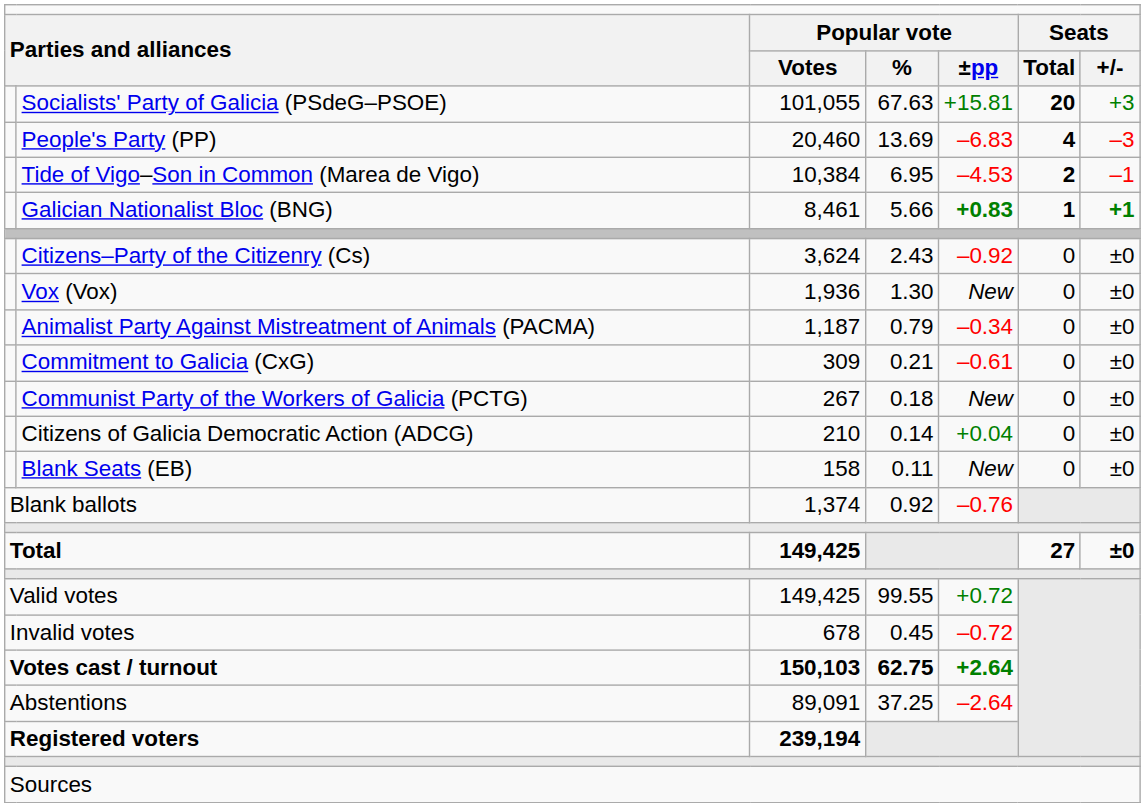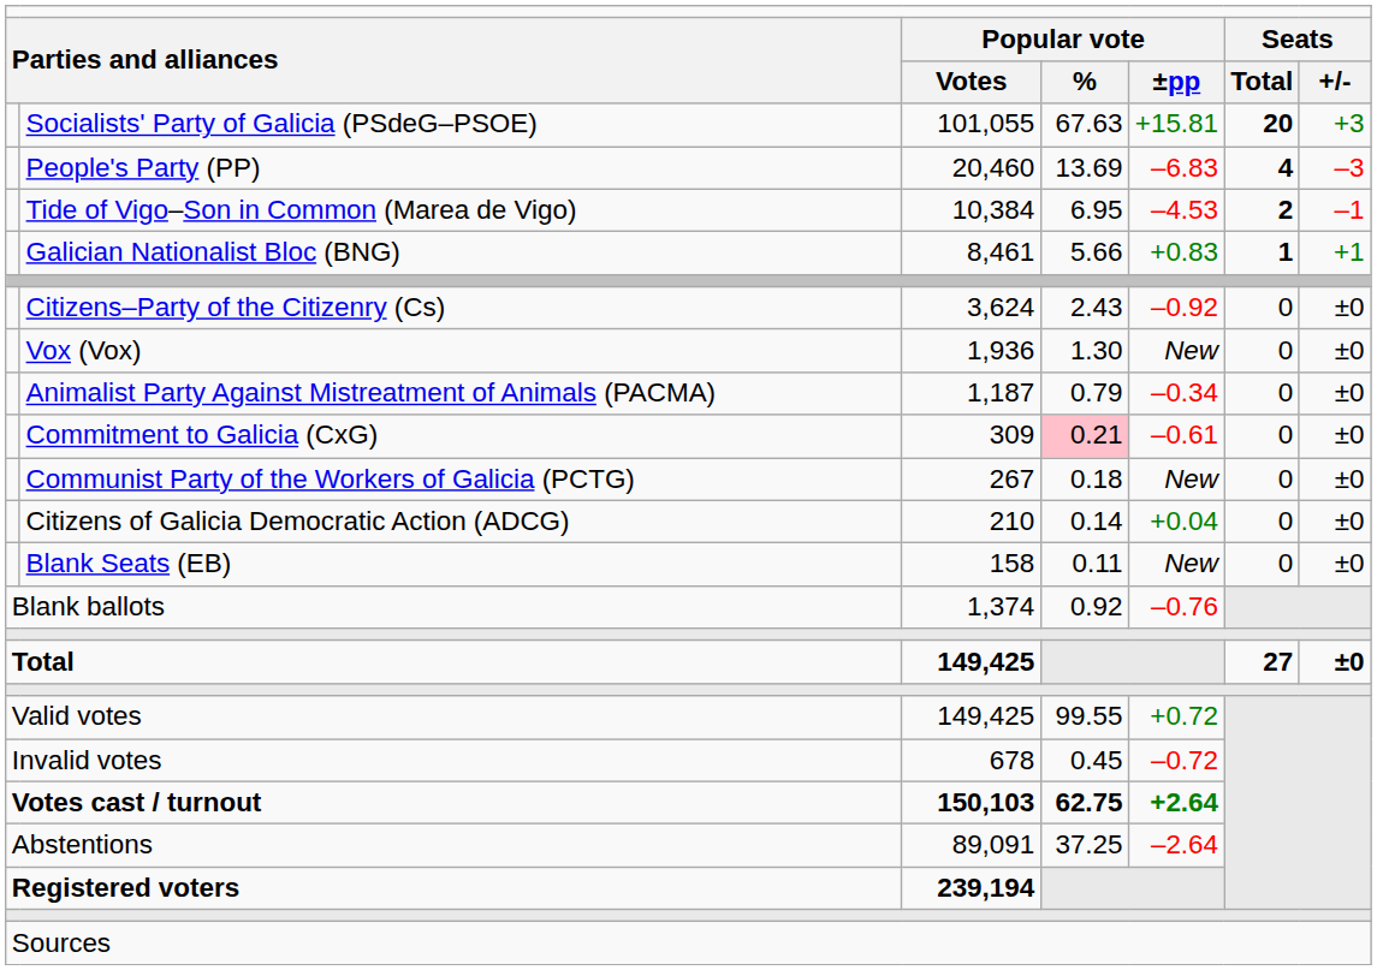 <table class="wikitable" style="text-align:right;">
 <tr>
 <td colspan="7"></td>
 </tr>
 <tr>
 <th style="text-align:left;" rowspan="2" colspan="2" width="525">Parties and alliances</th>
 <th colspan="3">Popular vote</th>
 <th colspan="2">Seats</th>
 </tr>
 <tr>
 <th width="75">Votes</th>
 <th width="45">%</th>
 <th width="45">±<a href='#'>pp</a></th>
 <th width="35">Total</th>
 <th width="35">+/-</th>
 </tr>
 <tr>
 <td width="1" style="color:inherit;background:"></td>
 <td align="left"><a href='#'>Socialists' Party of Galicia</a> (PSdeG–PSOE)</td>
 <td>101,055</td>
 <td>67.63</td>
 <td style="color:green;">+15.81</td>
 <td><strong>20</strong></td>
 <td style="color:green;">+3</td>
 </tr>
 <tr>
 <td style="color:inherit;background:"></td>
 <td align="left"><a href='#'>People's Party</a> (PP)</td>
 <td>20,460</td>
 <td>13.69</td>
 <td style="color:red;">–6.83</td>
 <td><strong>4</strong></td>
 <td style="color:red;">–3</td>
 </tr>
 <tr>
 <td style="color:inherit;background:"></td>
 <td align="left"><a href='#'>Tide of Vigo</a>–<a href='#'>Son in Common</a> (Marea de Vigo)</td>
 <td>10,384</td>
 <td>6.95</td>
 <td style="color:red;">–4.53</td>
 <td><strong>2</strong></td>
 <td style="color:red;">–1</td>
 </tr>
 <tr>
 <td style="color:inherit;background:"></td>
 <td align="left"><a href='#'>Galician Nationalist Bloc</a> (BNG)</td>
 <td>8,461</td>
 <td>5.66</td>
-<td style="color:green;"><strong>+0.83</strong></td>
+<td style="color:green;">+0.83</td>
 <td><strong>1</strong></td>
-<td style="color:green;"><strong>+1</strong></td>
+<td style="color:green;">+1</td>
 </tr>
 <tr>
 <td colspan="7" bgcolor="#C0C0C0"></td>
 </tr>
 <tr>
 <td style="color:inherit;background:"></td>
 <td align="left"><a href='#'>Citizens–Party of the Citizenry</a> (Cs)</td>
 <td>3,624</td>
 <td>2.43</td>
 <td style="color:red;">–0.92</td>
 <td>0</td>
 <td>±0</td>
 </tr>
 <tr>
 <td style="color:inherit;background:"></td>
 <td align="left"><a href='#'>Vox</a> (Vox)</td>
 <td>1,936</td>
 <td>1.30</td>
 <td><em>New</em></td>
 <td>0</td>
 <td>±0</td>
 </tr>
 <tr>
 <td style="color:inherit;background:"></td>
 <td align="left"><a href='#'>Animalist Party Against Mistreatment of Animals</a> (PACMA)</td>
 <td>1,187</td>
 <td>0.79</td>
 <td style="color:red;">–0.34</td>
 <td>0</td>
 <td>±0</td>
 </tr>
 <tr>
 <td style="color:inherit;background:"></td>
 <td align="left"><a href='#'>Commitment to Galicia</a> (CxG)</td>
 <td>309</td>
-<td>0.21</td>
+<td style="background: pink;">0.21</td>
 <td style="color:red;">–0.61</td>
 <td>0</td>
 <td>±0</td>
 </tr>
 <tr>
 <td style="color:inherit;background:"></td>
 <td align="left"><a href='#'>Communist Party of the Workers of Galicia</a> (PCTG)</td>
 <td>267</td>
 <td>0.18</td>
 <td><em>New</em></td>
 <td>0</td>
 <td>±0</td>
 </tr>
 <tr>
 <td style="color:inherit;background:"></td>
 <td align="left">Citizens of Galicia Democratic Action (ADCG)</td>
 <td>210</td>
 <td>0.14</td>
 <td style="color:green;">+0.04</td>
 <td>0</td>
 <td>±0</td>
 </tr>
 <tr>
 <td style="color:inherit;background:"></td>
 <td align="left"><a href='#'>Blank Seats</a> (EB)</td>
 <td>158</td>
 <td>0.11</td>
 <td><em>New</em></td>
 <td>0</td>
 <td>±0</td>
 </tr>
 <tr>
 <td align="left" colspan="2">Blank ballots</td>
 <td>1,374</td>
 <td>0.92</td>
 <td style="color:red;">–0.76</td>
 <td bgcolor="#E9E9E9" colspan="2"></td>
 </tr>
 <tr>
 <td colspan="7" bgcolor="#E9E9E9"></td>
 </tr>
 <tr style="font-weight:bold;">
 <td align="left" colspan="2">Total</td>
 <td>149,425</td>
 <td bgcolor="#E9E9E9" colspan="2"></td>
 <td>27</td>
 <td>±0</td>
 </tr>
 <tr>
 <td colspan="7" bgcolor="#E9E9E9"></td>
 </tr>
 <tr>
 <td align="left" colspan="2">Valid votes</td>
 <td>149,425</td>
 <td>99.55</td>
 <td style="color:green;">+0.72</td>
 <td bgcolor="#E9E9E9" colspan="2" rowspan="5"></td>
 </tr>
 <tr>
 <td align="left" colspan="2">Invalid votes</td>
 <td>678</td>
 <td>0.45</td>
 <td style="color:red;">–0.72</td>
 </tr>
 <tr style="font-weight:bold;">
 <td align="left" colspan="2">Votes cast / turnout</td>
 <td>150,103</td>
 <td>62.75</td>
 <td style="color:green;">+2.64</td>
 </tr>
 <tr>
 <td align="left" colspan="2">Abstentions</td>
 <td>89,091</td>
 <td>37.25</td>
 <td style="color:red;">–2.64</td>
 </tr>
 <tr style="font-weight:bold;">
 <td align="left" colspan="2">Registered voters</td>
 <td>239,194</td>
 <td bgcolor="#E9E9E9" colspan="2"></td>
 </tr>
 <tr>
 <td colspan="7" bgcolor="#E9E9E9"></td>
 </tr>
 <tr>
 <td align="left" colspan="7">Sources</td>
 </tr>
 </table>
